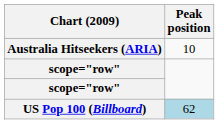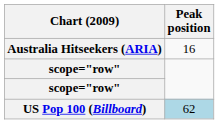 <table class="wikitable sortable plainrowheaders">
 <tr>
 <th scope="col">Chart (2009)</th>
 <th scope="col">Peak<br>position</th>
 </tr>
 <tr>
 <th scope="row">Australia Hitseekers (<a href='#'>ARIA</a>)</th>
-<td style="text-align:center;">10</td>
+<td style="text-align:center;">16</td>
 </tr>
 <tr>
 <th>scope="row"</th>
 </tr>
 <tr>
 <th>scope="row"</th>
 </tr>
 <tr>
 <th scope="row">US <a href='#'>Pop 100</a> (<em><a href='#'>Billboard</a></em>)</th>
 <td style="background: lightblue; text-align:center;">62</td>
 </tr>
 </table>
